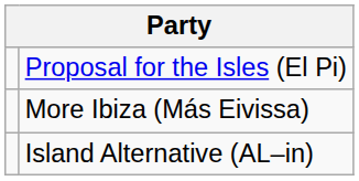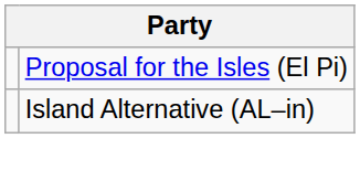 <table class="wikitable" style="text-align:left; font-size:97%;">
 <tr>
 <th colspan="2">Party</th>
 </tr>
 <tr>
 <td width="1"></td>
 <td><a href='#'>Proposal for the Isles</a> (El Pi)</td>
 </tr>
 <tr>
 <td></td>
-<td>More Ibiza (Más Eivissa)</td>
-</tr>
-<tr>
-<td></td>
 <td>Island Alternative (AL–in)</td>
 </tr>
 </table>
